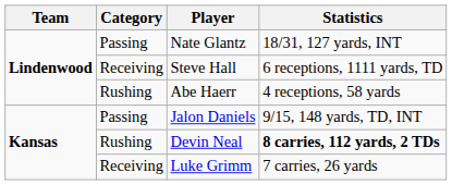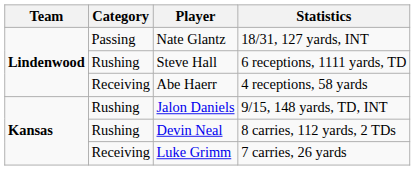 <table class="wikitable" style="float: right;">
 <tr>
 <th>Team</th>
 <th>Category</th>
 <th>Player</th>
 <th>Statistics</th>
 </tr>
 <tr>
 <td rowspan=3><strong>Lindenwood</strong></td>
 <td>Passing</td>
 <td>Nate Glantz</td>
 <td>18/31, 127 yards, INT</td>
 </tr>
 <tr>
-<td>Receiving</td>
+<td>Rushing</td>
 <td>Steve Hall</td>
 <td>6 receptions, 1111 yards, TD</td>
 </tr>
 <tr>
-<td>Rushing</td>
+<td>Receiving</td>
 <td>Abe Haerr</td>
 <td>4 receptions, 58 yards</td>
 </tr>
 <tr>
 <td rowspan=3><strong>Kansas</strong></td>
-<td>Passing</td>
+<td>Rushing</td>
 <td><a href='#'>Jalon Daniels</a></td>
 <td>9/15, 148 yards, TD, INT</td>
 </tr>
 <tr>
 <td>Rushing</td>
 <td><a href='#'>Devin Neal</a></td>
-<td><strong>8 carries, 112 yards, 2 TDs</strong></td>
+<td>8 carries, 112 yards, 2 TDs</td>
 </tr>
 <tr>
 <td>Receiving</td>
 <td><a href='#'>Luke Grimm</a></td>
 <td>7 carries, 26 yards</td>
 </tr>
 </table>
